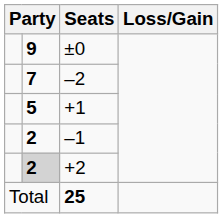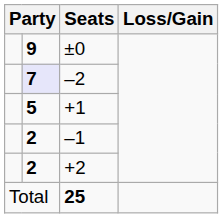 <table class="wikitable">
 <tr>
 <th colspan=2>Party</th>
 <th>Seats</th>
 <th>Loss/Gain</th>
 </tr>
 <tr>
 <td></td>
 <td><strong>9</strong></td>
 <td>±0</td>
 </tr>
 <tr>
 <td></td>
-<td><strong>7</strong></td>
+<td style="background: lavender;"><strong>7</strong></td>
 <td>–2</td>
 </tr>
 <tr>
 <td></td>
 <td><strong>5</strong></td>
 <td>+1</td>
 </tr>
 <tr>
 <td></td>
 <td><strong>2</strong></td>
 <td>–1</td>
 </tr>
 <tr>
 <td></td>
-<td style="background: lightgrey;"><strong>2</strong></td>
+<td><strong>2</strong></td>
 <td>+2</td>
 </tr>
 <tr>
 <td colspan=2>Total</td>
 <td><strong>25</strong></td>
 <td></td>
 </tr>
 </table>
